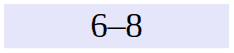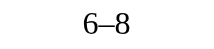 <table style="text-align:center">
 <tr>
 <th width=200></th>
 <th width=100></th>
 <th width=200></th>
 </tr>
 <tr>
 <td align=right></td>
-<td style="background: lavender;">6–8</td>
+<td>6–8</td>
 <td align=left><strong></strong></td>
 </tr>
 </table>
